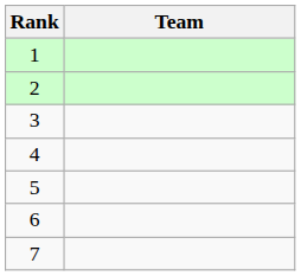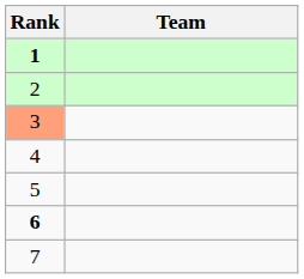 <table class="wikitable">
 <tr>
 <th>Rank</th>
 <th width=170>Team</th>
 </tr>
 <tr bgcolor=ccffcc>
-<td align=center>1</td>
+<td align=center><strong>1</strong></td>
 <td></td>
 </tr>
 <tr bgcolor=ccffcc>
 <td align=center>2</td>
 <td></td>
 </tr>
 <tr>
-<td align=center>3</td>
+<td align=center style="background: lightsalmon;">3</td>
 <td></td>
 </tr>
 <tr>
 <td align=center>4</td>
 <td></td>
 </tr>
 <tr>
 <td align=center>5</td>
 <td></td>
 </tr>
 <tr>
-<td align=center>6</td>
+<td align=center><strong>6</strong></td>
 <td></td>
 </tr>
 <tr>
 <td align=center>7</td>
 <td></td>
 </tr>
 </table>
